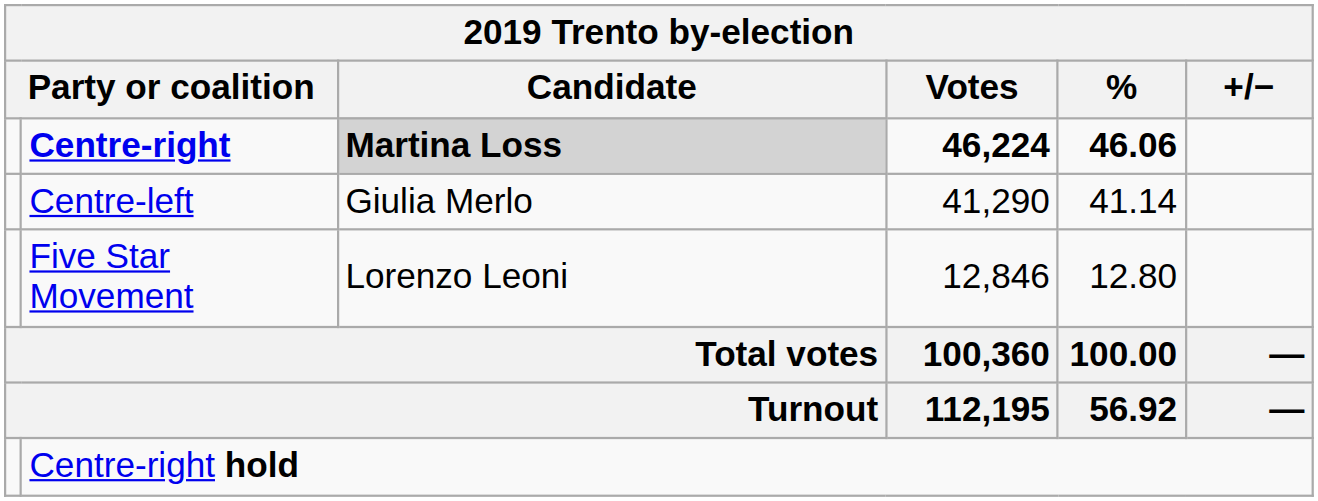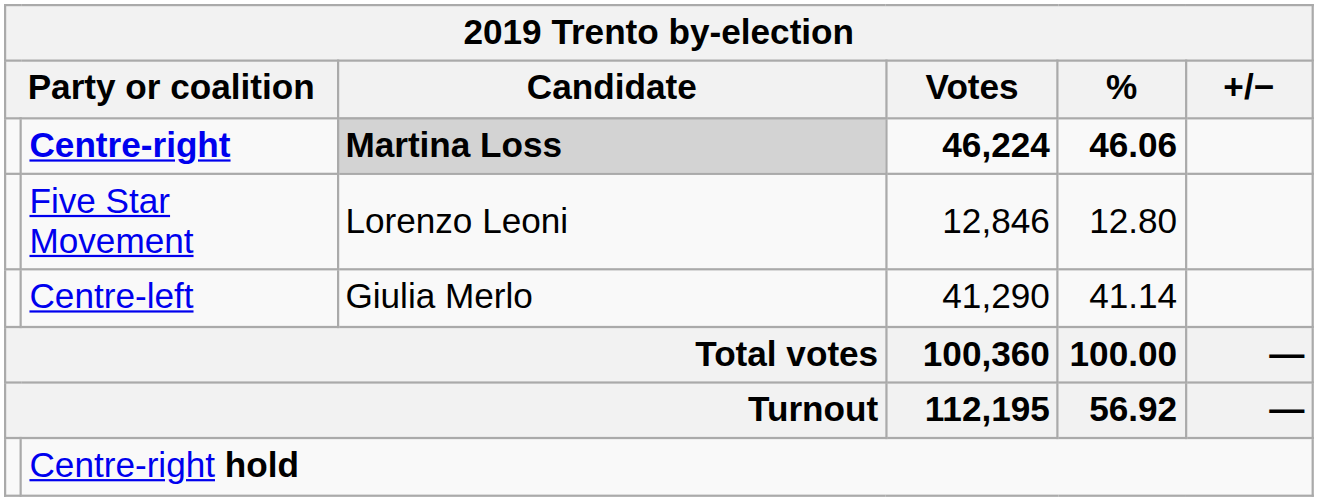 <table class = "wikitable" style="font-size:99%;">
 <tr>
 <td colspan=6 style = "background-color:#F2F2F2; text-align:center;"><strong>2019 Trento by-election</strong></td>
 </tr>
 <tr>
 <th colspan=2>Party or coalition</th>
 <th>Candidate</th>
 <th>Votes</th>
 <th>%</th>
 <th>+/−</th>
 </tr>
 <tr>
 <td style="background-color:"></td>
 <td style = "width: 135px;"><strong><a href='#'>Centre-right</a></strong></td>
 <td style = "background: lightgrey; width: 240px;"><strong>Martina Loss</strong></td>
 <td style = "width: 70px; text-align:right;"><strong>46,224</strong></td>
 <td style = "width: 50px; text-align:right;"><strong>46.06</strong></td>
 <td style = "width: 50px; text-align:right;"></td>
 </tr>
 <tr>
 <td style="background-color:"></td>
+<td><a href='#'>Five Star Movement</a></td>
+<td>Lorenzo Leoni</td>
+<td style = "text-align:right;">12,846</td>
+<td style = "text-align:right;">12.80</td>
+<td style = "text-align:right;"></td>
+</tr>
+<tr>
+<td style="background-color:"></td>
 <td><a href='#'>Centre-left</a></td>
 <td>Giulia Merlo</td>
 <td style = "text-align:right;">41,290</td>
 <td style = "text-align:right;">41.14</td>
-<td style = "text-align:right;"></td>
-</tr>
-<tr>
-<td style="background-color:"></td>
-<td><a href='#'>Five Star Movement</a></td>
-<td>Lorenzo Leoni</td>
-<td style = "text-align:right;">12,846</td>
-<td style = "text-align:right;">12.80</td>
 <td style = "text-align:right;"></td>
 </tr>
 <tr>
 <td colspan=3 style = "background-color:#F2F2F2; text-align:right;"><strong>Total votes</strong></td>
 <td style = "background-color:#F2F2F2; text-align:right;"><strong>100,360</strong></td>
 <td style = "background-color:#F2F2F2; text-align:right;"><strong>100.00</strong></td>
 <td style = "background-color:#F2F2F2; text-align:right;"><strong>—</strong></td>
 </tr>
 <tr>
 <td colspan=3 style = "background-color:#F2F2F2; text-align:right;"><strong>Turnout</strong></td>
 <td style = "background-color:#F2F2F2; text-align:right;"><strong>112,195</strong></td>
 <td style = "background-color:#F2F2F2; text-align:right;"><strong>56.92</strong></td>
 <td style = "background-color:#F2F2F2; text-align:right;"><strong>—</strong></td>
 </tr>
 <tr>
 <td style="background-color:"></td>
 <td colspan=5 style = "text-align:left;"><a href='#'>Centre-right</a> <strong>hold</strong></td>
 </tr>
 </table>
